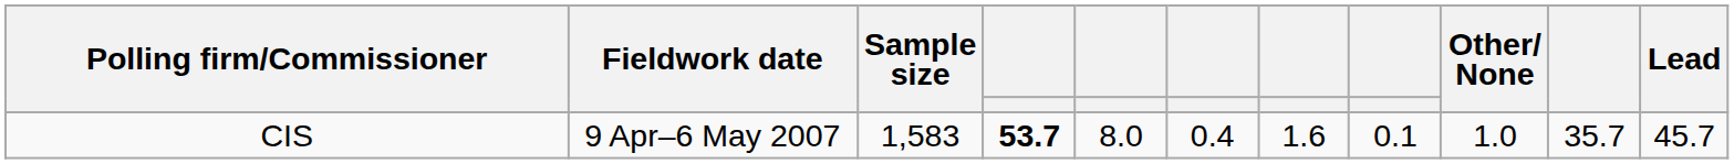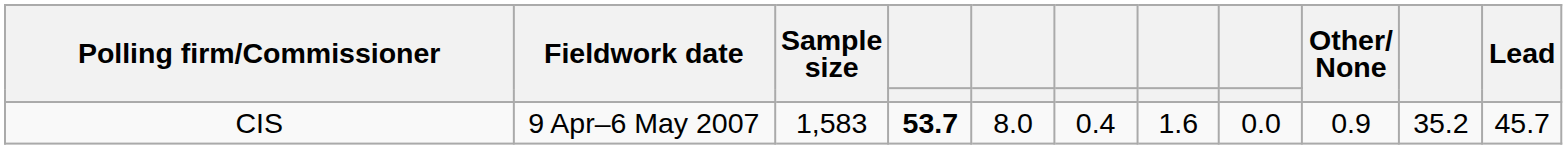 <table class="wikitable collapsible collapsed" style="text-align:center; font-size:90%; line-height:14px;">
 <tr style="height:42px;">
 <th style="width:250px;" rowspan="2">Polling firm/Commissioner</th>
 <th style="width:125px;" rowspan="2">Fieldwork date</th>
 <th style="width:50px;" rowspan="2">Sample size</th>
 <th style="width:35px;"></th>
 <th style="width:35px;"></th>
 <th style="width:35px;"></th>
 <th style="width:35px;"></th>
 <th style="width:35px;"></th>
 <th style="width:35px;" rowspan="2">Other/<br>None</th>
 <th style="width:35px;" rowspan="2"></th>
 <th style="width:30px;" rowspan="2">Lead</th>
 </tr>
 <tr>
 <th style="color:inherit;background:"></th>
 <th style="color:inherit;background:"></th>
 <th style="color:inherit;background:"></th>
 <th style="color:inherit;background:"></th>
 <th style="color:inherit;background:"></th>
 </tr>
 <tr>
 <td>CIS</td>
 <td>9 Apr–6 May 2007</td>
 <td>1,583</td>
 <td><strong>53.7</strong></td>
 <td>8.0</td>
 <td>0.4</td>
 <td>1.6</td>
-<td>0.1</td>
-<td>1.0</td>
-<td>35.7</td>
+<td>0.0</td>
+<td>0.9</td>
+<td>35.2</td>
 <td style="background:">45.7</td>
 </tr>
 </table>
